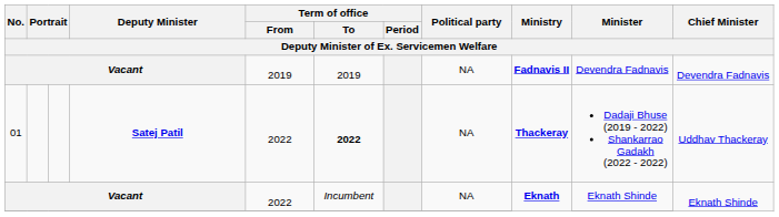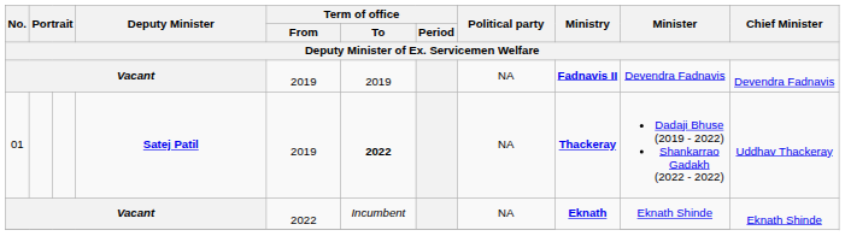 <table class="wikitable" style="text-align:center">
 <tr>
 <th rowspan="2">No.</th>
 <th rowspan="2" colspan="2">Portrait</th>
 <th rowspan="2" style="width:16em">Deputy Minister<br></th>
 <th colspan="3">Term of office</th>
 <th rowspan="2" style="width:8em">Political party</th>
 <th rowspan="2">Ministry</th>
 <th rowspan="2" style="width:9em">Minister</th>
 <th rowspan="2" style="width:9em">Chief Minister</th>
 </tr>
 <tr>
 <th style="width:6em">From</th>
 <th style="width:6em">To</th>
 <th>Period</th>
 </tr>
 <tr>
 <th colspan="11">Deputy Minister of Ex. Servicemen Welfare</th>
 </tr>
 <tr>
 <th colspan="04"><strong><em>Vacant</em></strong></th>
 <td><br>2019</td>
 <td><br>2019</td>
 <th></th>
 <td>NA</td>
 <td rowspan="1"><a href='#'><strong>Fadnavis II</strong></a></td>
 <td><a href='#'>Devendra Fadnavis</a></td>
 <td rowspan="1"> <br><a href='#'>Devendra Fadnavis</a></td>
 </tr>
 <tr>
 <td>01</td>
 <td style="color:inherit;background:"></td>
 <td></td>
 <td><strong><a href='#'>Satej Patil</a></strong> <br> </td>
-<td><br>2022</td>
+<td><br>2019</td>
 <td><strong><br>2022</strong></td>
 <th></th>
 <td>NA</td>
 <td rowspan="1"><a href='#'><strong>Thackeray</strong></a></td>
 <td><br><ul><li><a href='#'>Dadaji Bhuse</a><br>(2019 - 2022)</li><li><a href='#'>Shankarrao Gadakh</a><br>(2022 - 2022)</li></ul></td>
 <td rowspan="1"> <br><a href='#'>Uddhav Thackeray</a></td>
 </tr>
 <tr>
 <th colspan="04"><strong><em>Vacant </em></strong></th>
 <td><br>2022</td>
 <td><em>Incumbent</em></td>
 <th></th>
 <td>NA</td>
 <td rowspan="2"><a href='#'><strong>Eknath</strong></a></td>
 <td><a href='#'>Eknath Shinde</a></td>
 <td rowspan="2"> <br><a href='#'>Eknath Shinde</a></td>
 </tr>
 <tr>
 </tr>
 </table>
